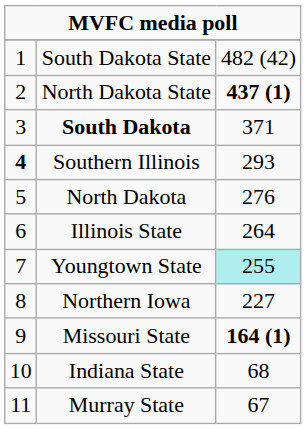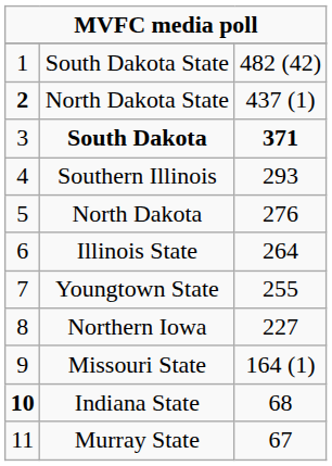 <table class="wikitable" style="display: inline-table;">
 <tr>
 <td align="center" Colspan="3"><strong>MVFC media poll</strong></td>
 </tr>
 <tr align="center">
 </tr>
 <tr align="center">
 <td>1</td>
 <td>South Dakota State</td>
 <td>482 (42)</td>
 </tr>
 <tr align="center">
-<td>2</td>
+<td><strong>2</strong></td>
 <td>North Dakota State</td>
-<td><strong>437 (1)</strong></td>
+<td>437 (1)</td>
 </tr>
 <tr align="center">
 <td>3</td>
 <td><strong>South Dakota</strong></td>
-<td>371</td>
+<td><strong>371</strong></td>
 </tr>
 <tr align="center">
-<td><strong>4</strong></td>
+<td>4</td>
 <td>Southern Illinois</td>
 <td>293</td>
 </tr>
 <tr align="center">
 <td>5</td>
 <td>North Dakota</td>
 <td>276</td>
 </tr>
 <tr align="center">
 <td>6</td>
 <td>Illinois State</td>
 <td>264</td>
 </tr>
 <tr align="center">
 <td>7</td>
 <td>Youngtown State</td>
-<td style="background: paleturquoise;">255</td>
+<td>255</td>
 </tr>
 <tr align="center">
 <td>8</td>
 <td>Northern Iowa</td>
 <td>227</td>
 </tr>
 <tr align="center">
 <td>9</td>
 <td>Missouri State</td>
-<td><strong>164 (1)</strong></td>
+<td>164 (1)</td>
 </tr>
 <tr align="center">
-<td>10</td>
+<td><strong>10</strong></td>
 <td>Indiana State</td>
 <td>68</td>
 </tr>
 <tr align="center">
 <td>11</td>
 <td>Murray State</td>
 <td>67</td>
 </tr>
 </table>
